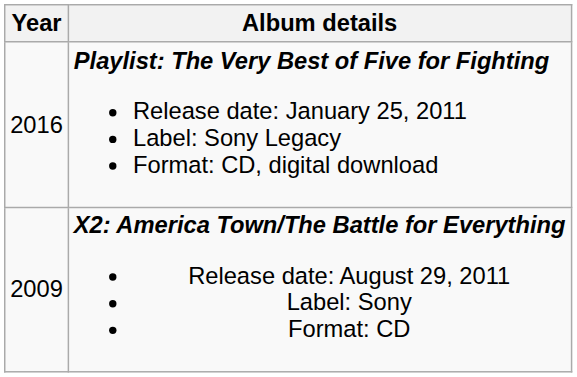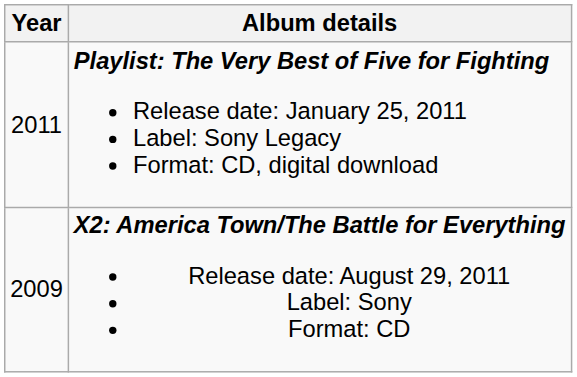 <table class="wikitable" style="text-align:center;">
 <tr>
 <th scope="col">Year</th>
 <th scope="col">Album details</th>
 </tr>
 <tr>
-<td>2016</td>
+<td>2011</td>
 <td style="text-align:left;"><strong><em>Playlist: The Very Best of Five for Fighting</em></strong><br><ul><li>Release date: January 25, 2011</li><li>Label: Sony Legacy</li><li>Format: CD, digital download</li></ul></td>
 </tr>
 <tr>
 <td>2009</td>
 <td><strong><em>X2: America Town/The Battle for Everything</em></strong><br><ul><li>Release date: August 29, 2011</li><li>Label: Sony</li><li>Format: CD</li></ul></td>
 </tr>
 </table>
